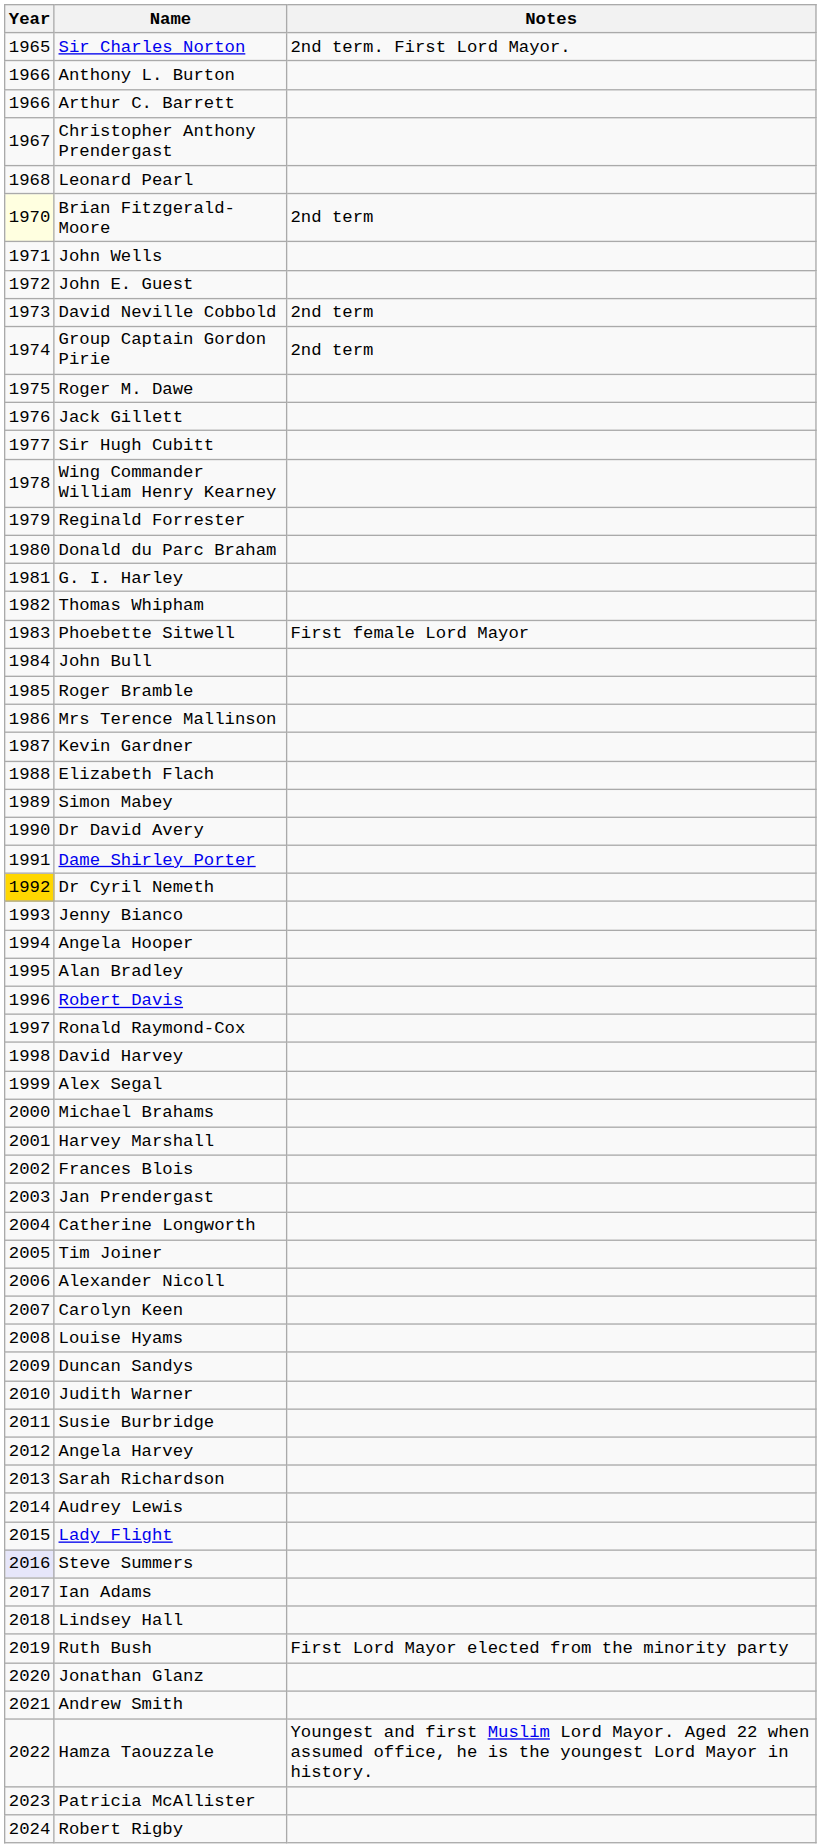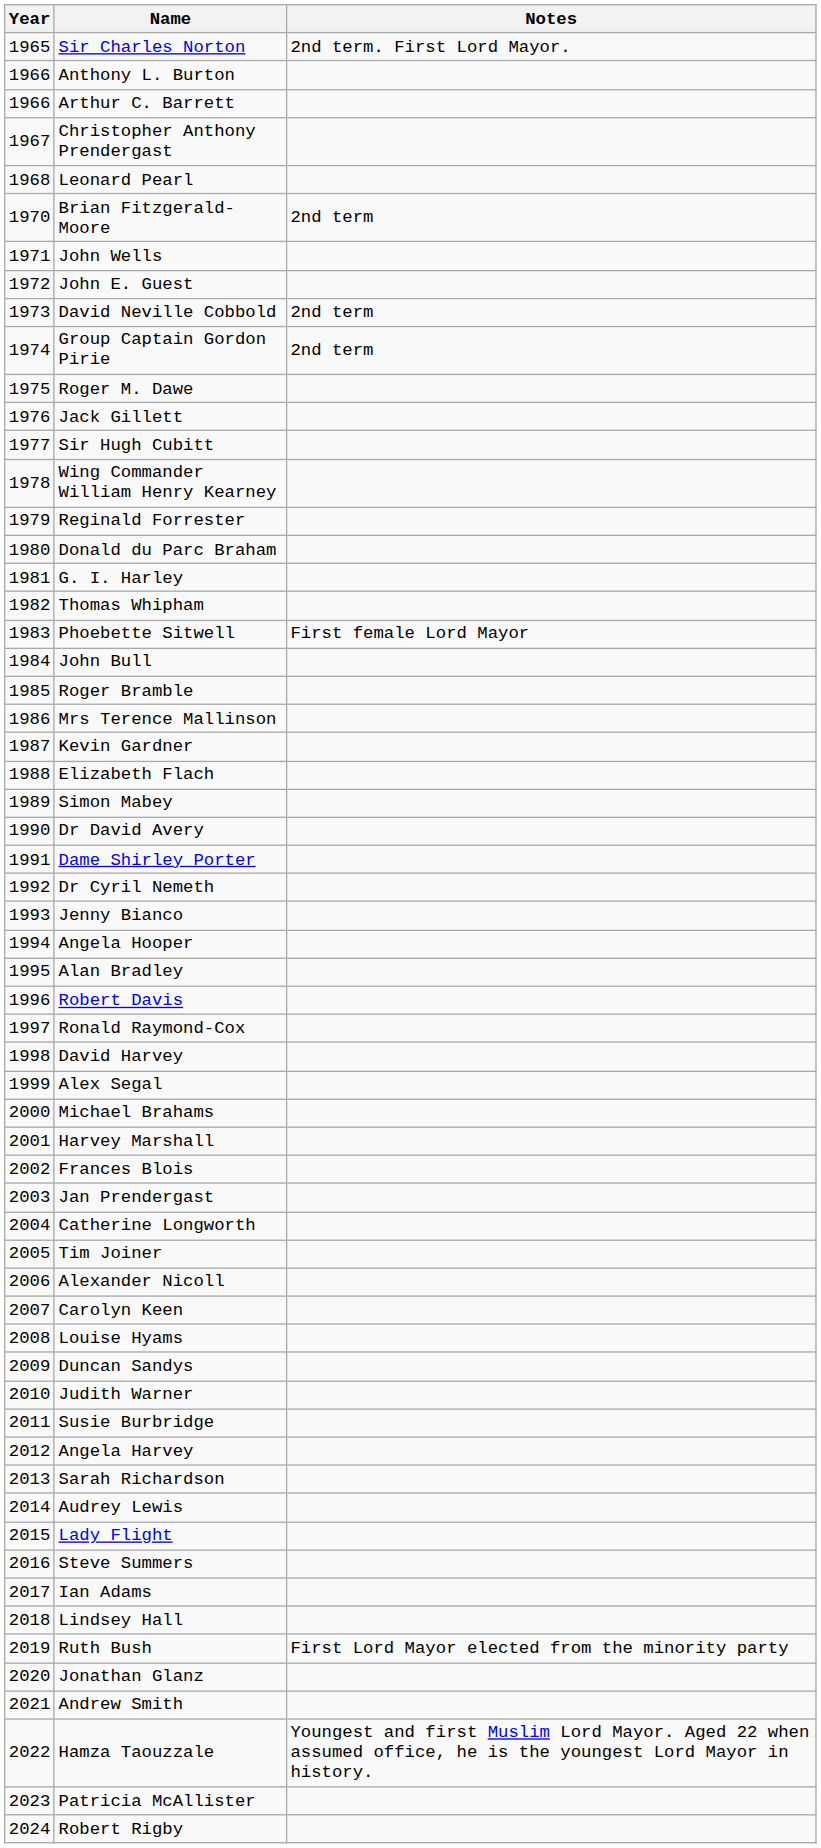 <table class="wikitable">
 <tr>
 <th>Year</th>
 <th>Name</th>
 <th>Notes</th>
 </tr>
 <tr>
 <td>1965</td>
 <td><a href='#'>Sir Charles Norton</a></td>
 <td>2nd term. First Lord Mayor.</td>
 </tr>
 <tr>
 <td>1966</td>
 <td>Anthony L. Burton</td>
 <td></td>
 </tr>
 <tr>
 <td>1966</td>
 <td>Arthur C. Barrett</td>
 <td></td>
 </tr>
 <tr>
 <td>1967</td>
 <td>Christopher Anthony Prendergast</td>
 <td></td>
 </tr>
 <tr>
 <td>1968</td>
 <td>Leonard Pearl</td>
 <td></td>
 </tr>
 <tr>
-<td style="background: lightyellow;">1970</td>
+<td>1970</td>
 <td>Brian Fitzgerald-Moore</td>
 <td>2nd term</td>
 </tr>
 <tr>
 <td>1971</td>
 <td>John Wells</td>
 <td></td>
 </tr>
 <tr>
 <td>1972</td>
 <td>John E. Guest</td>
 <td></td>
 </tr>
 <tr>
 <td>1973</td>
 <td>David Neville Cobbold</td>
 <td>2nd term</td>
 </tr>
 <tr>
 <td>1974</td>
 <td>Group Captain Gordon Pirie</td>
 <td>2nd term</td>
 </tr>
 <tr>
 <td>1975</td>
 <td>Roger M. Dawe</td>
 <td></td>
 </tr>
 <tr>
 <td>1976</td>
 <td>Jack Gillett</td>
 <td></td>
 </tr>
 <tr>
 <td>1977</td>
 <td>Sir Hugh Cubitt</td>
 <td></td>
 </tr>
 <tr>
 <td>1978</td>
 <td>Wing Commander William Henry Kearney</td>
 <td></td>
 </tr>
 <tr>
 <td>1979</td>
 <td>Reginald Forrester</td>
 <td></td>
 </tr>
 <tr>
 <td>1980</td>
 <td>Donald du Parc Braham</td>
 <td></td>
 </tr>
 <tr>
 <td>1981</td>
 <td>G. I. Harley</td>
 <td></td>
 </tr>
 <tr>
 <td>1982</td>
 <td>Thomas Whipham</td>
 <td></td>
 </tr>
 <tr>
 <td>1983</td>
 <td>Phoebette Sitwell</td>
 <td>First female Lord Mayor</td>
 </tr>
 <tr>
 <td>1984</td>
 <td>John Bull</td>
 <td></td>
 </tr>
 <tr>
 <td>1985</td>
 <td>Roger Bramble</td>
 <td></td>
 </tr>
 <tr>
 <td>1986</td>
 <td>Mrs Terence Mallinson</td>
 <td></td>
 </tr>
 <tr>
 <td>1987</td>
 <td>Kevin Gardner</td>
 <td></td>
 </tr>
 <tr>
 <td>1988</td>
 <td>Elizabeth Flach</td>
 <td></td>
 </tr>
 <tr>
 <td>1989</td>
 <td>Simon Mabey</td>
 <td></td>
 </tr>
 <tr>
 <td>1990</td>
 <td>Dr David Avery</td>
 <td></td>
 </tr>
 <tr>
 <td>1991</td>
 <td><a href='#'>Dame Shirley Porter</a></td>
 <td></td>
 </tr>
 <tr>
-<td style="background: gold;">1992</td>
+<td>1992</td>
 <td>Dr Cyril Nemeth</td>
 <td></td>
 </tr>
 <tr>
 <td>1993</td>
 <td>Jenny Bianco</td>
 <td></td>
 </tr>
 <tr>
 <td>1994</td>
 <td>Angela Hooper</td>
 <td></td>
 </tr>
 <tr>
 <td>1995</td>
 <td>Alan Bradley</td>
 <td></td>
 </tr>
 <tr>
 <td>1996</td>
 <td><a href='#'>Robert Davis</a></td>
 <td></td>
 </tr>
 <tr>
 <td>1997</td>
 <td>Ronald Raymond-Cox</td>
 <td></td>
 </tr>
 <tr>
 <td>1998</td>
 <td>David Harvey</td>
 <td></td>
 </tr>
 <tr>
 <td>1999</td>
 <td>Alex Segal</td>
 <td></td>
 </tr>
 <tr>
 <td>2000</td>
 <td>Michael Brahams</td>
 <td></td>
 </tr>
 <tr>
 <td>2001</td>
 <td>Harvey Marshall</td>
 <td></td>
 </tr>
 <tr>
 <td>2002</td>
 <td>Frances Blois</td>
 <td></td>
 </tr>
 <tr>
 <td>2003</td>
 <td>Jan Prendergast</td>
 <td></td>
 </tr>
 <tr>
 <td>2004</td>
 <td>Catherine Longworth</td>
 <td></td>
 </tr>
 <tr>
 <td>2005</td>
 <td>Tim Joiner</td>
 <td></td>
 </tr>
 <tr>
 <td>2006</td>
 <td>Alexander Nicoll</td>
 <td></td>
 </tr>
 <tr>
 <td>2007</td>
 <td>Carolyn Keen</td>
 <td></td>
 </tr>
 <tr>
 <td>2008</td>
 <td>Louise Hyams</td>
 <td></td>
 </tr>
 <tr>
 <td>2009</td>
 <td>Duncan Sandys</td>
 <td></td>
 </tr>
 <tr>
 <td>2010</td>
 <td>Judith Warner</td>
 <td></td>
 </tr>
 <tr>
 <td>2011</td>
 <td>Susie Burbridge</td>
 <td></td>
 </tr>
 <tr>
 <td>2012</td>
 <td>Angela Harvey</td>
 <td></td>
 </tr>
 <tr>
 <td>2013</td>
 <td>Sarah Richardson</td>
 <td></td>
 </tr>
 <tr>
 <td>2014</td>
 <td>Audrey Lewis</td>
 <td></td>
 </tr>
 <tr>
 <td>2015</td>
 <td><a href='#'>Lady Flight</a></td>
 <td></td>
 </tr>
 <tr>
-<td style="background: lavender;">2016</td>
+<td>2016</td>
 <td>Steve Summers</td>
 <td></td>
 </tr>
 <tr>
 <td>2017</td>
 <td>Ian Adams</td>
 <td></td>
 </tr>
 <tr>
 <td>2018</td>
 <td>Lindsey Hall</td>
 <td></td>
 </tr>
 <tr>
 <td>2019</td>
 <td>Ruth Bush</td>
 <td>First Lord Mayor elected from the minority party</td>
 </tr>
 <tr>
 <td>2020</td>
 <td>Jonathan Glanz</td>
 <td></td>
 </tr>
 <tr>
 <td>2021</td>
 <td>Andrew Smith</td>
 <td></td>
 </tr>
 <tr>
 <td>2022</td>
 <td>Hamza Taouzzale</td>
 <td>Youngest and first <a href='#'>Muslim</a> Lord Mayor. Aged 22 when assumed office, he is the youngest Lord Mayor in history.</td>
 </tr>
 <tr>
 <td>2023</td>
 <td>Patricia McAllister</td>
 </tr>
 <tr>
 <td>2024</td>
 <td>Robert Rigby</td>
 <td></td>
 </tr>
 </table>
